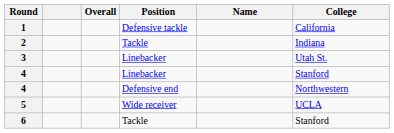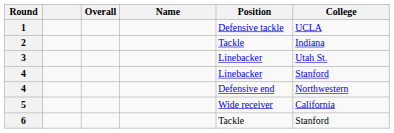 <table class="wikitable sortable" style="width: 50%;">
 <tr>
 <th scope="col" style="width: 10%;">Round</th>
 <th scope="col" style="width: 10%;"></th>
 <th scope="col" style="width: 10%;">Overall</th>
+<th scope="col" style="width: 25%;">Name</th>
 <th scope="col" style="width: 20%;">Position</th>
-<th scope="col" style="width: 25%;">Name</th>
 <th scope="col" style="width: 25%;">College</th>
 </tr>
 <tr>
 <th scope="row">1</th>
 <td></td>
 <td></td>
+<td></td>
 <td><a href='#'>Defensive tackle</a></td>
-<td></td>
-<td><a href='#'>California</a></td>
+<td><a href='#'>UCLA</a></td>
 </tr>
 <tr>
 <th scope="row">2</th>
 <td></td>
 <td></td>
+<td></td>
 <td><a href='#'>Tackle</a></td>
-<td></td>
 <td><a href='#'>Indiana</a></td>
 </tr>
 <tr>
 <th scope="row">3</th>
 <td></td>
 <td></td>
+<td></td>
 <td><a href='#'>Linebacker</a></td>
-<td></td>
 <td><a href='#'>Utah St.</a></td>
 </tr>
 <tr>
 <th scope="row">4</th>
 <td></td>
 <td></td>
+<td></td>
 <td><a href='#'>Linebacker</a></td>
-<td></td>
 <td><a href='#'>Stanford</a></td>
 </tr>
 <tr>
 <th scope="row">4</th>
 <td></td>
 <td></td>
+<td></td>
 <td><a href='#'>Defensive end</a></td>
-<td></td>
 <td><a href='#'>Northwestern</a></td>
 </tr>
 <tr>
 <th scope="row">5</th>
 <td></td>
 <td></td>
+<td></td>
 <td><a href='#'>Wide receiver</a></td>
-<td></td>
-<td><a href='#'>UCLA</a></td>
+<td><a href='#'>California</a></td>
 </tr>
 <tr>
 <th scope="row">6</th>
 <td></td>
 <td></td>
+<td></td>
 <td>Tackle</td>
-<td></td>
 <td>Stanford</td>
 </tr>
 </table>
